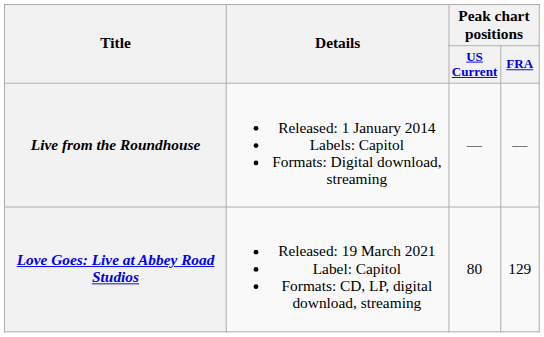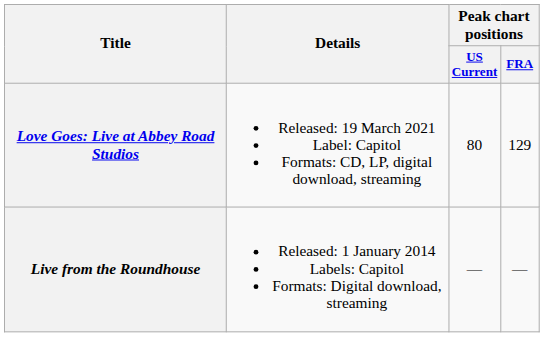 <table class="wikitable plainrowheaders" style="text-align:center;">
 <tr>
 <th scope="col" rowspan="2" style="width:14em;">Title</th>
 <th scope="col" rowspan="2" style="width:14em;">Details</th>
 <th scope="col" colspan="2">Peak chart positions</th>
 </tr>
 <tr>
 <th scope="col" style="width:2.5em;font-size:85%;"><a href='#'>US<br>Current</a><br></th>
 <th scope="col" style="width:2.5em;font-size:85%;"><a href='#'>FRA</a><br></th>
 </tr>
 <tr>
+<th scope="row"><em><a href='#'>Love Goes: Live at Abbey Road Studios</a></em></th>
+<td><br><ul><li>Released: 19 March 2021</li><li>Label: Capitol</li><li>Formats: CD, LP, digital download, streaming</li></ul></td>
+<td>80</td>
+<td>129</td>
+</tr>
+<tr>
 <th scope="row"><em>Live from the Roundhouse</em></th>
 <td><br><ul><li>Released: 1 January 2014</li><li>Labels: Capitol</li><li>Formats: Digital download, streaming</li></ul></td>
 <td>―</td>
 <td>―</td>
 </tr>
-<tr>
-<th scope="row"><em><a href='#'>Love Goes: Live at Abbey Road Studios</a></em></th>
-<td><br><ul><li>Released: 19 March 2021</li><li>Label: Capitol</li><li>Formats: CD, LP, digital download, streaming</li></ul></td>
-<td>80</td>
-<td>129</td>
-</tr>
 </table>
